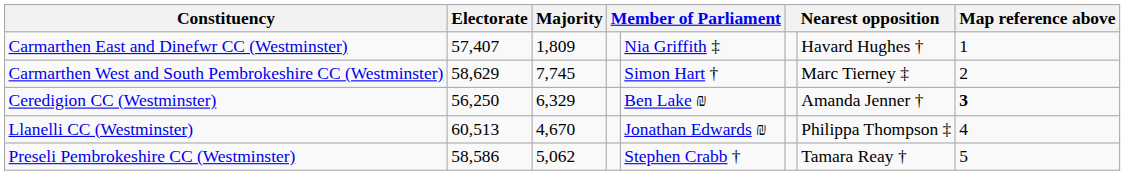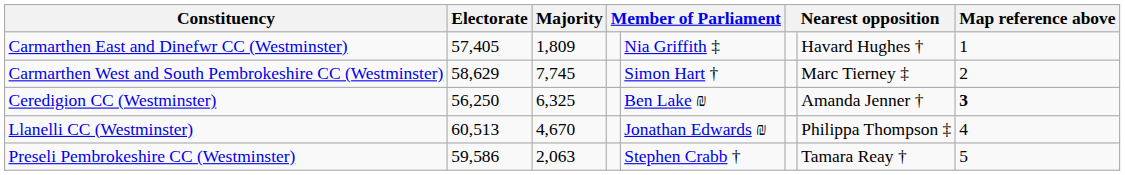 <table class="wikitable sortable">
 <tr>
 <th rowspan=1>Constituency</th>
 <th rowspan=1>Electorate</th>
 <th rowspan=1>Majority</th>
 <th colspan=2 class=unsortable><a href='#'>Member of Parliament</a></th>
 <th colspan=2 class=unsortable>Nearest opposition<br></th>
 <th rowspan=1 class=unsortable>Map reference above</th>
 </tr>
 <tr>
 <td><a href='#'>Carmarthen East and Dinefwr CC (Westminster)</a></td>
-<td>57,407</td>
+<td>57,405</td>
 <td>1,809</td>
 <td bgcolor=> </td>
 <td><a href='#'>Nia Griffith</a> ‡</td>
 <td style="color:inherit;background:"> </td>
 <td>Havard Hughes †</td>
 <td>1</td>
 </tr>
 <tr>
 <td><a href='#'>Carmarthen West and South Pembrokeshire CC (Westminster)</a></td>
 <td>58,629</td>
 <td>7,745</td>
 <td style="color:inherit;background:"> </td>
 <td><a href='#'>Simon Hart</a> †</td>
 <td style="color:inherit;background:"> </td>
 <td>Marc Tierney ‡</td>
 <td>2</td>
 </tr>
 <tr>
 <td><a href='#'>Ceredigion CC (Westminster)</a></td>
 <td>56,250</td>
-<td>6,329</td>
+<td>6,325</td>
 <td bgcolor=> </td>
 <td><a href='#'>Ben Lake</a> ₪</td>
 <td style="color:inherit;background:"> </td>
 <td>Amanda Jenner †</td>
 <td><strong>3</strong></td>
 </tr>
 <tr>
 <td><a href='#'>Llanelli CC (Westminster)</a></td>
 <td>60,513</td>
 <td>4,670</td>
 <td style="color:inherit;background:"> </td>
 <td><a href='#'>Jonathan Edwards</a> ₪</td>
 <td style="color:inherit;background:"> </td>
 <td>Philippa Thompson ‡</td>
 <td>4</td>
 </tr>
 <tr>
 <td><a href='#'>Preseli Pembrokeshire CC (Westminster)</a></td>
-<td>58,586</td>
-<td>5,062</td>
+<td>59,586</td>
+<td>2,063</td>
 <td style="color:inherit;background:"> </td>
 <td><a href='#'>Stephen Crabb</a> †</td>
 <td style="color:inherit;background:"> </td>
 <td>Tamara Reay †</td>
 <td>5</td>
 </tr>
 </table>
